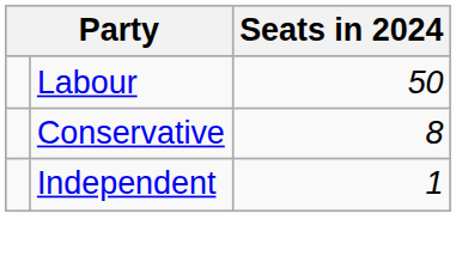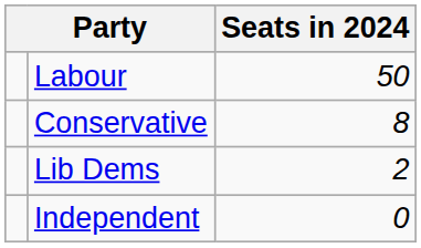 <table class="wikitable">
 <tr>
 <th colspan=2>Party</th>
 <th>Seats in 2024</th>
 </tr>
 <tr>
 <td style="background-color: "> </td>
 <td><a href='#'>Labour</a></td>
 <td style="text-align: right"><em>50</em></td>
 </tr>
 <tr>
 <td style="background-color: "> </td>
 <td><a href='#'>Conservative</a></td>
 <td style="text-align: right"><em>8</em></td>
 </tr>
 <tr>
 <td style="background-color: "> </td>
+<td><a href='#'>Lib Dems</a></td>
+<td style="text-align: right"><em>2</em></td>
+</tr>
+<tr>
+<td style="background-color: "> </td>
 <td><a href='#'>Independent</a></td>
-<td style="text-align: right"><em>1</em></td>
+<td style="text-align: right"><em>0</em></td>
 </tr>
 </table>
